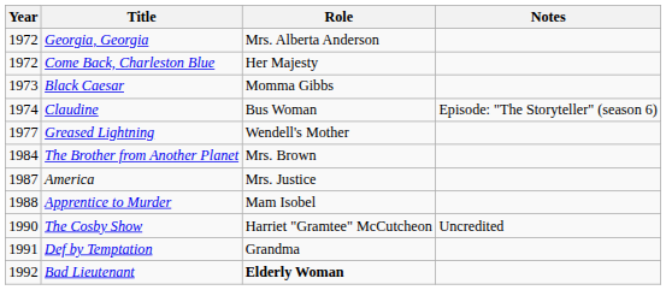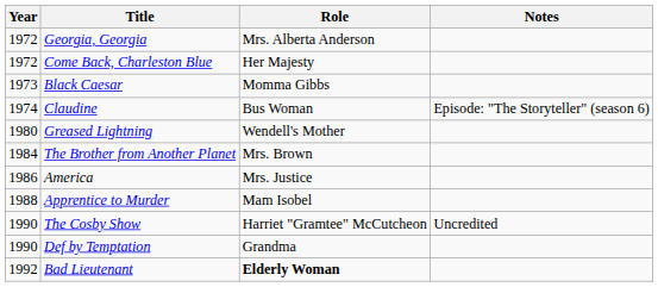 <table class="wikitable">
 <tr>
 <th>Year</th>
 <th>Title</th>
 <th>Role</th>
 <th>Notes</th>
 </tr>
 <tr>
 <td>1972</td>
 <td><em><a href='#'>Georgia, Georgia</a></em></td>
 <td>Mrs. Alberta Anderson</td>
 <td></td>
 </tr>
 <tr>
 <td>1972</td>
 <td><em><a href='#'>Come Back, Charleston Blue</a></em></td>
 <td>Her Majesty</td>
 <td></td>
 </tr>
 <tr>
 <td>1973</td>
 <td><em><a href='#'>Black Caesar</a></em></td>
 <td>Momma Gibbs</td>
 <td></td>
 </tr>
 <tr>
 <td>1974</td>
 <td><em><a href='#'>Claudine</a></em></td>
 <td>Bus Woman</td>
 <td>Episode: "The Storyteller" (season 6)</td>
 </tr>
 <tr>
-<td>1977</td>
+<td>1980</td>
 <td><em><a href='#'>Greased Lightning</a></em></td>
 <td>Wendell's Mother</td>
 <td></td>
 </tr>
 <tr>
 <td>1984</td>
 <td><em><a href='#'>The Brother from Another Planet</a></em></td>
 <td>Mrs. Brown</td>
 <td></td>
 </tr>
 <tr>
-<td>1987</td>
+<td>1986</td>
 <td><em>America</em></td>
 <td>Mrs. Justice</td>
 <td></td>
 </tr>
 <tr>
 <td>1988</td>
 <td><em><a href='#'>Apprentice to Murder</a></em></td>
 <td>Mam Isobel</td>
 <td></td>
 </tr>
 <tr>
 <td>1990</td>
 <td><em><a href='#'>The Cosby Show</a></em></td>
 <td>Harriet "Gramtee" McCutcheon</td>
 <td>Uncredited</td>
 </tr>
 <tr>
-<td>1991</td>
+<td>1990</td>
 <td><em><a href='#'>Def by Temptation</a></em></td>
 <td>Grandma</td>
 <td></td>
 </tr>
 <tr>
 <td>1992</td>
 <td><em><a href='#'>Bad Lieutenant</a></em></td>
 <td><strong>Elderly Woman</strong></td>
 <td></td>
 </tr>
 </table>
